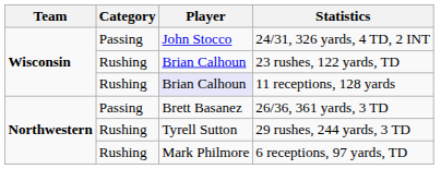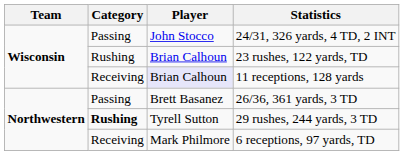 <table class="wikitable" style="float: left;">
 <tr>
 <th>Team</th>
 <th>Category</th>
 <th>Player</th>
 <th>Statistics</th>
 </tr>
 <tr>
 <td rowspan=3><strong>Wisconsin</strong></td>
 <td>Passing</td>
 <td><a href='#'>John Stocco</a></td>
 <td>24/31, 326 yards, 4 TD, 2 INT</td>
 </tr>
 <tr>
 <td>Rushing</td>
 <td><a href='#'>Brian Calhoun</a></td>
 <td>23 rushes, 122 yards, TD</td>
 </tr>
 <tr>
-<td>Rushing</td>
+<td>Receiving</td>
 <td style="background: lavender;">Brian Calhoun</td>
 <td>11 receptions, 128 yards</td>
 </tr>
 <tr>
 <td rowspan=3><strong>Northwestern</strong></td>
 <td>Passing</td>
 <td>Brett Basanez</td>
 <td>26/36, 361 yards, 3 TD</td>
 </tr>
 <tr>
-<td>Rushing</td>
+<td><strong>Rushing</strong></td>
 <td>Tyrell Sutton</td>
 <td>29 rushes, 244 yards, 3 TD</td>
 </tr>
 <tr>
-<td>Rushing</td>
+<td>Receiving</td>
 <td>Mark Philmore</td>
 <td>6 receptions, 97 yards, TD</td>
 </tr>
 </table>
